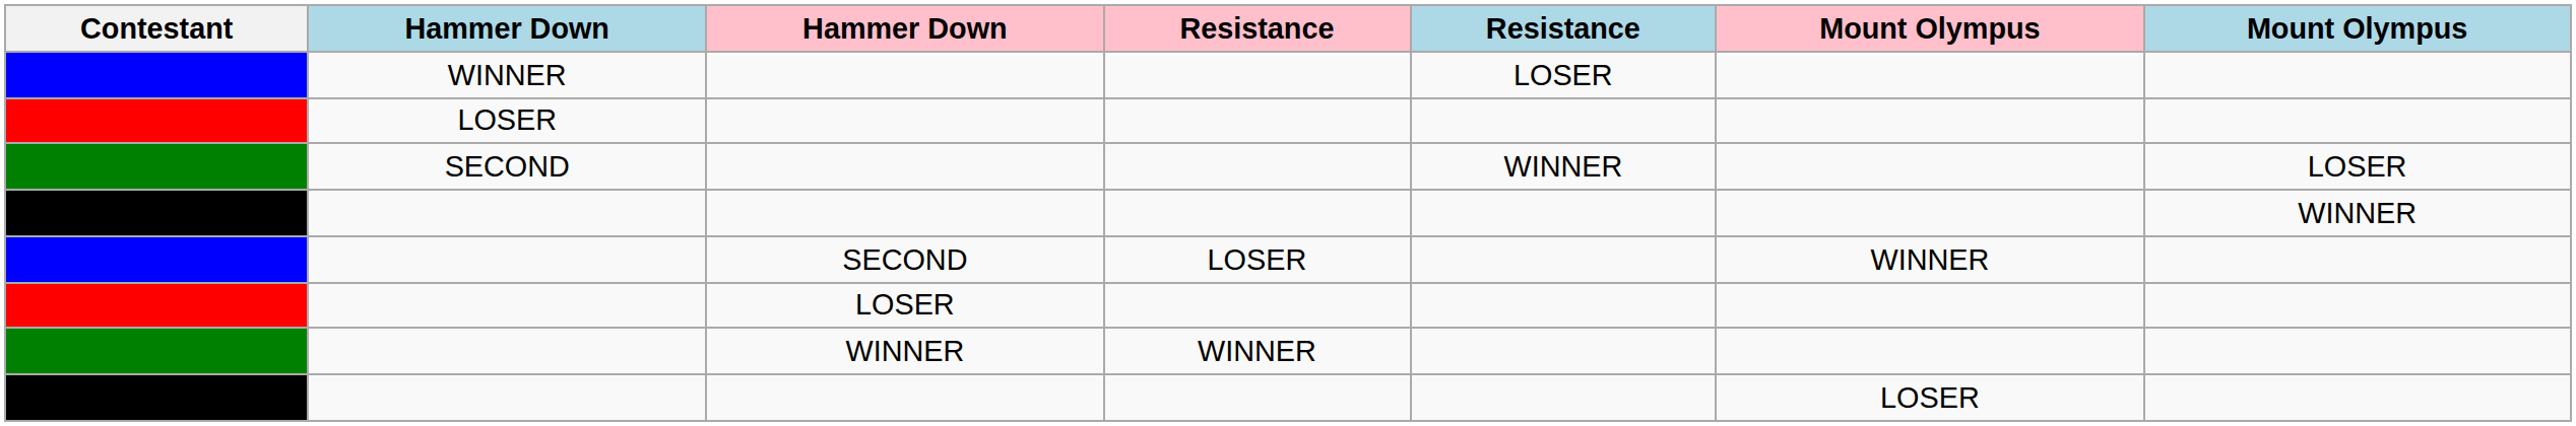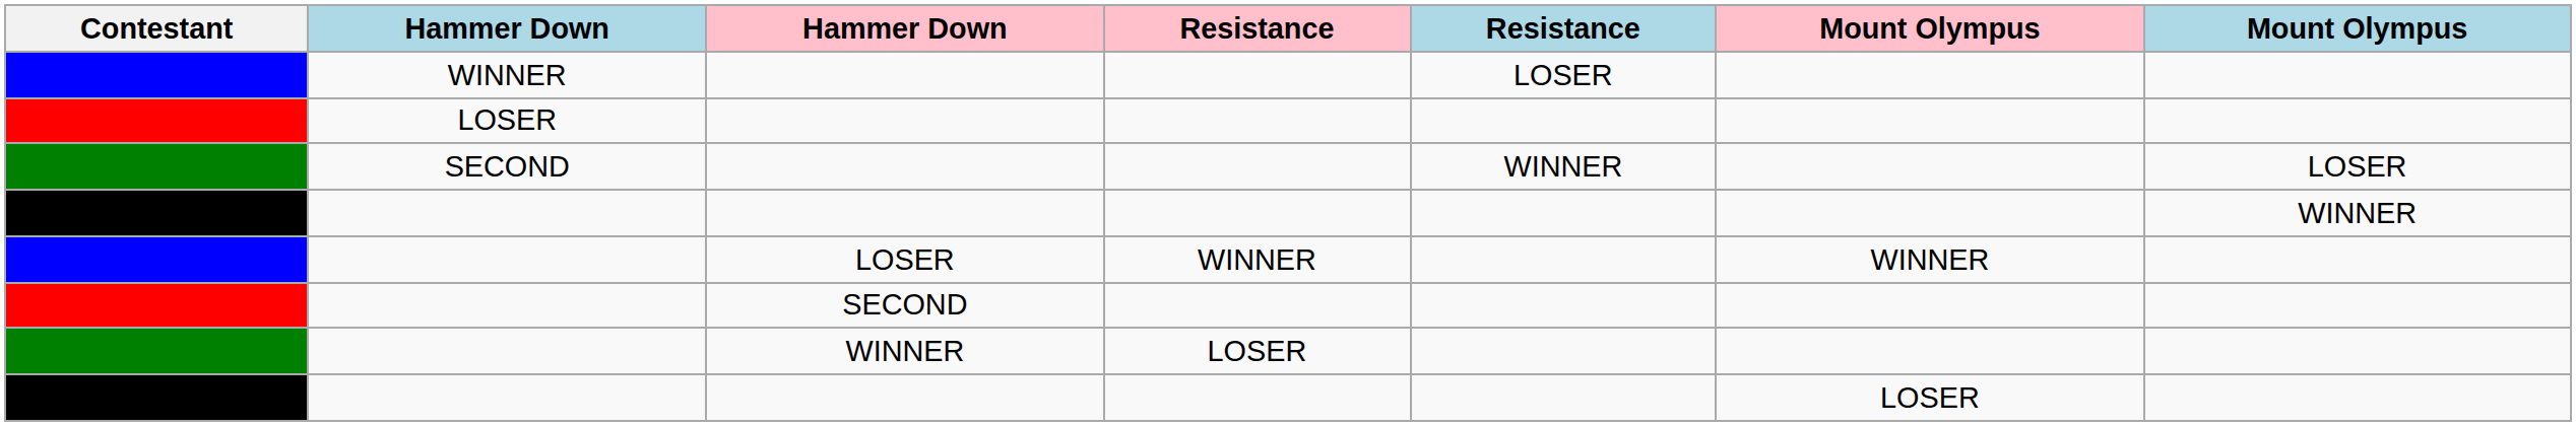 <table class="wikitable" style="text-align:center; font-size:90%; width:100%">
 <tr>
 <th>Contestant</th>
 <th style="background:lightblue;">Hammer Down</th>
 <th style="background:pink;">Hammer Down</th>
 <th style="background:pink;">Resistance</th>
 <th style="background:lightblue;">Resistance</th>
 <th style="background:pink;">Mount Olympus</th>
 <th style="background:lightblue;">Mount Olympus</th>
 </tr>
 <tr>
 <td style="background:blue;"></td>
 <td>WINNER</td>
 <td></td>
 <td></td>
 <td>LOSER</td>
 <td></td>
 <td></td>
 </tr>
 <tr>
 <td style="background:red;"></td>
 <td>LOSER</td>
 <td></td>
 <td></td>
 <td></td>
 <td></td>
 <td></td>
 </tr>
 <tr>
 <td style="background:green;"></td>
 <td>SECOND</td>
 <td></td>
 <td></td>
 <td>WINNER</td>
 <td></td>
 <td>LOSER</td>
 </tr>
 <tr>
 <td style="background:black;"></td>
 <td></td>
 <td></td>
 <td></td>
 <td></td>
 <td></td>
 <td>WINNER</td>
 </tr>
 <tr>
 <td style="background:blue;"></td>
 <td></td>
-<td>SECOND</td>
 <td>LOSER</td>
+<td>WINNER</td>
 <td></td>
 <td>WINNER</td>
 <td></td>
 </tr>
 <tr>
 <td style="background:red;"></td>
 <td></td>
-<td>LOSER</td>
+<td>SECOND</td>
 <td></td>
 <td></td>
 <td></td>
 <td></td>
 </tr>
 <tr>
 <td style="background:green;"></td>
 <td></td>
 <td>WINNER</td>
-<td>WINNER</td>
+<td>LOSER</td>
 <td></td>
 <td></td>
 <td></td>
 </tr>
 <tr>
 <td style="background:black;"></td>
 <td></td>
 <td></td>
 <td></td>
 <td></td>
 <td>LOSER</td>
 <td></td>
 </tr>
 </table>
